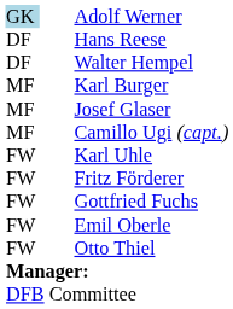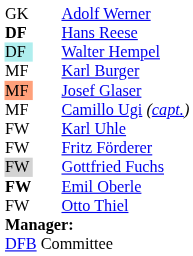 <table style="font-size:90%; margin:0.2em auto;" cellspacing="0" cellpadding="0">
 <tr>
 <th width="25"></th>
 <th width="25"></th>
 </tr>
 <tr>
-<td style="background: lightblue;">GK</td>
+<td>GK</td>
 <td></td>
 <td><a href='#'>Adolf Werner</a></td>
 </tr>
 <tr>
-<td>DF</td>
+<td><strong>DF</strong></td>
 <td></td>
 <td><a href='#'>Hans Reese</a></td>
 </tr>
 <tr>
-<td>DF</td>
+<td style="background: paleturquoise;">DF</td>
 <td></td>
 <td><a href='#'>Walter Hempel</a></td>
 </tr>
 <tr>
 <td>MF</td>
 <td></td>
 <td><a href='#'>Karl Burger</a></td>
 </tr>
 <tr>
-<td>MF</td>
+<td style="background: lightsalmon;">MF</td>
 <td></td>
 <td><a href='#'>Josef Glaser</a></td>
 </tr>
 <tr>
 <td>MF</td>
 <td></td>
 <td><a href='#'>Camillo Ugi</a> <em>(<a href='#'>capt.</a>)</em></td>
 </tr>
 <tr>
 <td>FW</td>
 <td></td>
 <td><a href='#'>Karl Uhle</a></td>
 </tr>
 <tr>
 <td>FW</td>
 <td></td>
 <td><a href='#'>Fritz Förderer</a></td>
 </tr>
 <tr>
-<td>FW</td>
+<td style="background: lightgrey;">FW</td>
 <td></td>
 <td><a href='#'>Gottfried Fuchs</a></td>
 </tr>
 <tr>
-<td>FW</td>
+<td><strong>FW</strong></td>
 <td></td>
 <td><a href='#'>Emil Oberle</a></td>
 </tr>
 <tr>
 <td>FW</td>
 <td></td>
 <td><a href='#'>Otto Thiel</a></td>
 </tr>
 <tr>
 <td colspan=3><strong>Manager:</strong></td>
 </tr>
 <tr>
 <td colspan=4> <a href='#'>DFB</a> Committee</td>
 </tr>
 </table>
